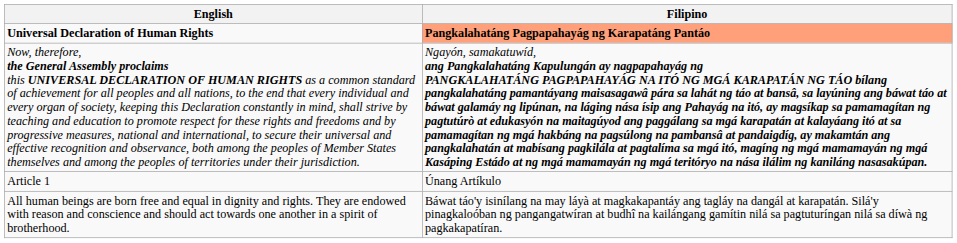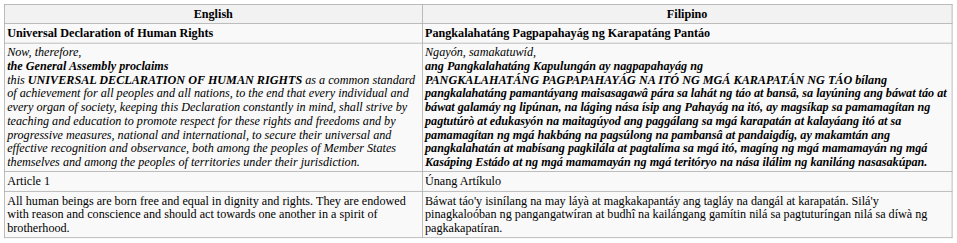 <table class="wikitable">
 <tr>
 <th>English</th>
 <th>Filipino</th>
 </tr>
 <tr>
 <td><strong>Universal Declaration of Human Rights</strong></td>
-<td style="background: lightsalmon;"><strong>Pangkalahatáng Pagpapahayág ng Karapatáng Pantáo</strong></td>
+<td><strong>Pangkalahatáng Pagpapahayág ng Karapatáng Pantáo</strong></td>
 </tr>
 <tr>
 <td><em>Now, therefore,</em><br><strong><em>the General Assembly proclaims</em></strong><br><em>this <strong>UNIVERSAL DECLARATION OF HUMAN RIGHTS</strong> as a common standard of achievement for all peoples and all nations, to the end that every individual and every organ of society, keeping this Declaration constantly in mind, shall strive by teaching and education to promote respect for these rights and freedoms and by progressive measures, national and international, to secure their universal and effective recognition and observance, both among the peoples of Member States themselves and among the peoples of territories under their jurisdiction.</em></td>
 <td><em>Ngayón, samakatuwíd,</em><br><strong><em>ang Pangkalahatáng Kapulungán ay nagpapahayág ng</em></strong><br><strong><em>PANGKALAHATÁNG PAGPAPAHAYÁG<strong> NA ITÓ </strong>NG MGÁ KARAPATÁN NG TÁO<strong> bílang pangkalahatáng pamantáyang maisasagawâ pára sa lahát ng táo at bansâ, sa layúning ang báwat táo at báwat galamáy ng lipúnan, na láging nása ísip ang Pahayág na itó, ay magsíkap sa pamamagítan ng pagtutúrò at edukasyón na maitagúyod ang paggálang sa mgá karapatán at kalayáang itó at sa pamamagítan ng mgá hakbáng na pagsúlong na pambansâ at pandaigdíg, ay makamtán ang pangkalahatán at mabísang pagkilála at pagtalíma sa mgá itó, magíng ng mgá mamamayán ng mgá Kasáping Estádo at ng mgá mamamayán ng mgá teritóryo na nása ilálim ng kaniláng nasasakúpan.<em></td>
 </tr>
 <tr>
 <td></strong>Article 1<strong></td>
 <td></strong>Únang Artíkulo<strong></td>
 </tr>
 <tr>
 <td></em>All human beings are born free and equal in dignity and rights. They are endowed with reason and conscience and should act towards one another in a spirit of brotherhood.<em></td>
 <td></em>Báwat táo'y isinílang na may láyà at magkakapantáy ang tagláy na dangál at karapatán. Silá'y pinagkaloóban ng pangangatwíran at budhî na kailángang gamítin nilá sa pagtuturíngan nilá sa díwà ng pagkakapatíran.<em></td>
 </tr>
 </table>
